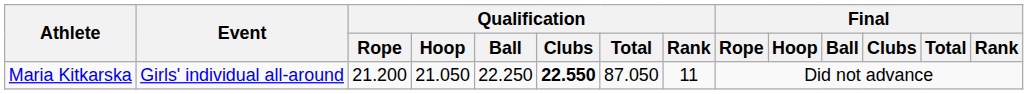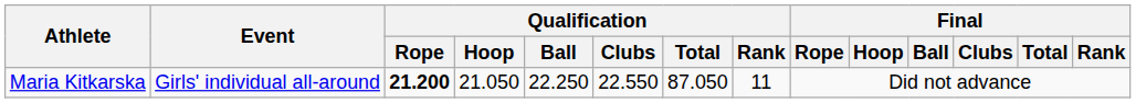 <table class="wikitable" border="1" style="font-size:90%">
 <tr>
 <th rowspan=2>Athlete</th>
 <th rowspan=2>Event</th>
 <th colspan=6>Qualification</th>
 <th colspan=6>Final</th>
 </tr>
 <tr>
 <th>Rope</th>
 <th>Hoop</th>
 <th>Ball</th>
 <th>Clubs</th>
 <th>Total</th>
 <th>Rank</th>
 <th>Rope</th>
 <th>Hoop</th>
 <th>Ball</th>
 <th>Clubs</th>
 <th>Total</th>
 <th>Rank</th>
 </tr>
 <tr>
 <td><a href='#'>Maria Kitkarska</a></td>
 <td><a href='#'>Girls' individual all-around</a></td>
-<td align=center>21.200</td>
+<td align=center><strong>21.200</strong></td>
 <td align=center>21.050</td>
 <td align=center>22.250</td>
-<td align=center><strong>22.550</strong></td>
+<td align=center>22.550</td>
 <td align=center>87.050</td>
 <td align=center>11</td>
 <td align=center colspan=6>Did not advance</td>
 </tr>
 </table>
